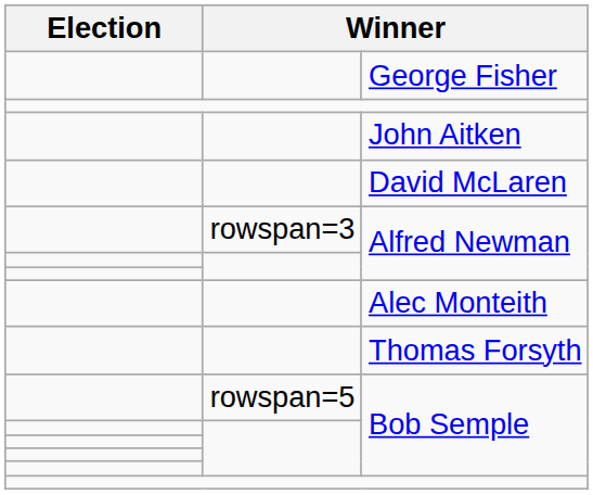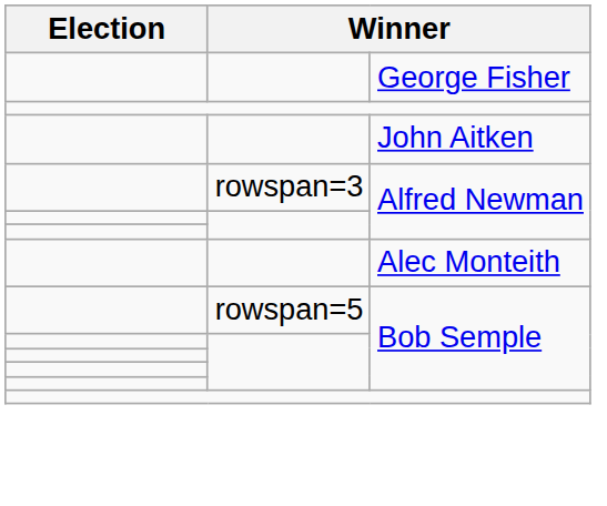 <table class=wikitable>
 <tr>
 <th width=100>Election</th>
 <th width=175 colspan=2>Winner</th>
 </tr>
 <tr>
 <td></td>
 <td></td>
 <td><a href='#'>George Fisher</a></td>
 </tr>
 <tr>
 <td colspan=3 align=center></td>
 </tr>
 <tr>
 <td></td>
 <td></td>
 <td><a href='#'>John Aitken</a></td>
 </tr>
 <tr>
 <td></td>
-<td></td>
-<td><a href='#'>David McLaren</a></td>
-</tr>
-<tr>
-<td></td>
 <td>rowspan=3 </td>
 <td rowspan=3><a href='#'>Alfred Newman</a></td>
 </tr>
 <tr>
 <td></td>
 </tr>
 <tr>
 <td></td>
 </tr>
 <tr>
 <td></td>
 <td></td>
 <td><a href='#'>Alec Monteith</a></td>
-</tr>
-<tr>
-<td></td>
-<td></td>
-<td><a href='#'>Thomas Forsyth</a></td>
 </tr>
 <tr>
 <td></td>
 <td>rowspan=5 </td>
 <td rowspan=5><a href='#'>Bob Semple</a></td>
 </tr>
 <tr>
 <td></td>
 </tr>
 <tr>
 <td></td>
 </tr>
 <tr>
 <td></td>
 </tr>
 <tr>
 <td></td>
 </tr>
 <tr>
 <td colspan=3 align=center></td>
 </tr>
 </table>
